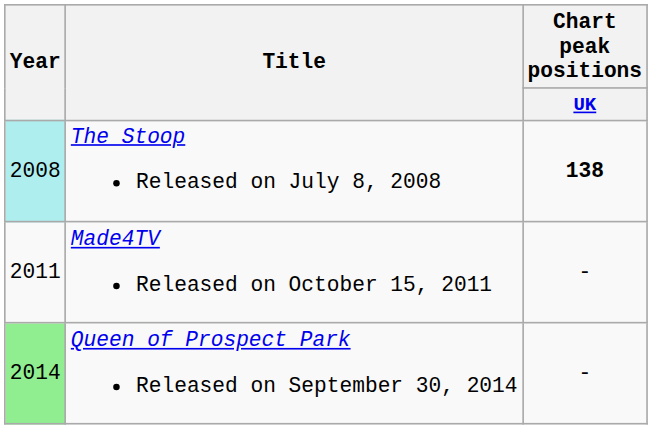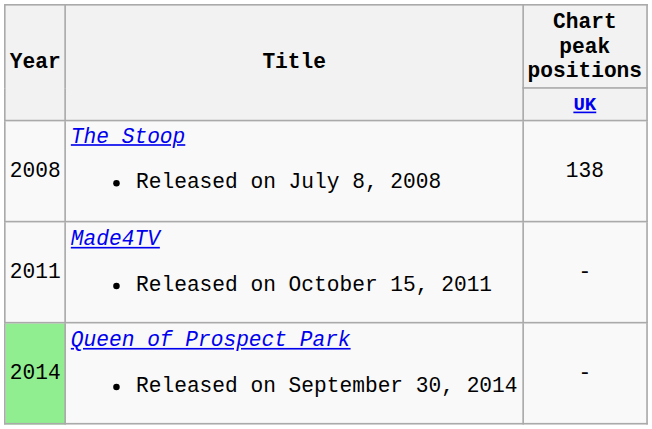 <table class="wikitable">
 <tr>
 <th rowspan="2">Year</th>
 <th rowspan="2">Title</th>
 <th colspan="1">Chart peak positions</th>
 </tr>
 <tr>
 <th style="width:3em;font-size:90%"><a href='#'>UK</a></th>
 </tr>
 <tr>
-<td style="background: paleturquoise;">2008</td>
+<td>2008</td>
 <td><em><a href='#'>The Stoop</a></em><br><ul><li>Released on July 8, 2008</li></ul></td>
-<td align="center"><strong>138</strong></td>
+<td align="center">138</td>
 </tr>
 <tr>
 <td>2011</td>
 <td><em><a href='#'>Made4TV</a></em><br><ul><li>Released on October 15, 2011</li></ul></td>
 <td align="center">-</td>
 </tr>
 <tr>
 <td style="background: lightgreen;">2014</td>
 <td><em><a href='#'>Queen of Prospect Park</a></em><br><ul><li>Released on September 30, 2014</li></ul></td>
 <td align="center">-</td>
 </tr>
 </table>
